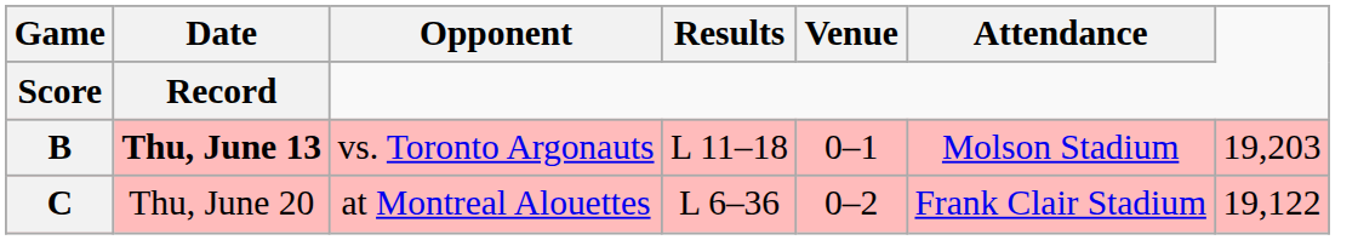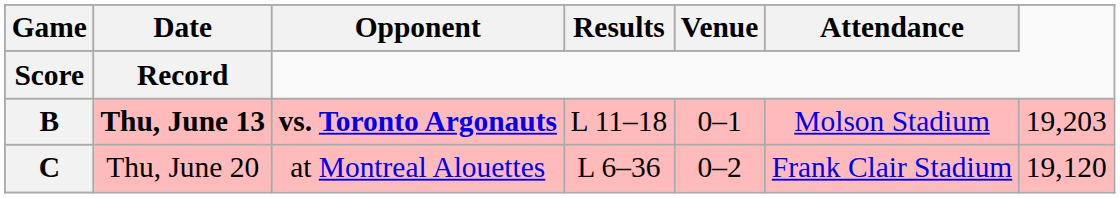 <table class="wikitable" style="text-align:center">
 <tr>
 <th>Game</th>
 <th>Date</th>
 <th>Opponent</th>
 <th>Results</th>
 <th>Venue</th>
 <th>Attendance</th>
 </tr>
 <tr>
 <th>Score</th>
 <th>Record</th>
 </tr>
 <tr style="background:#ffbbbb">
 <th>B</th>
 <td><strong>Thu, June 13</strong></td>
-<td>vs. <a href='#'>Toronto Argonauts</a></td>
+<td><strong>vs. <a href='#'>Toronto Argonauts</a></strong></td>
 <td>L 11–18</td>
 <td>0–1</td>
 <td><a href='#'>Molson Stadium</a></td>
 <td>19,203</td>
 </tr>
 <tr style="background:#ffbbbb">
 <th>C</th>
 <td>Thu, June 20</td>
 <td>at <a href='#'>Montreal Alouettes</a></td>
 <td>L 6–36</td>
 <td>0–2</td>
 <td><a href='#'>Frank Clair Stadium</a></td>
-<td>19,122</td>
+<td>19,120</td>
 </tr>
 </table>
